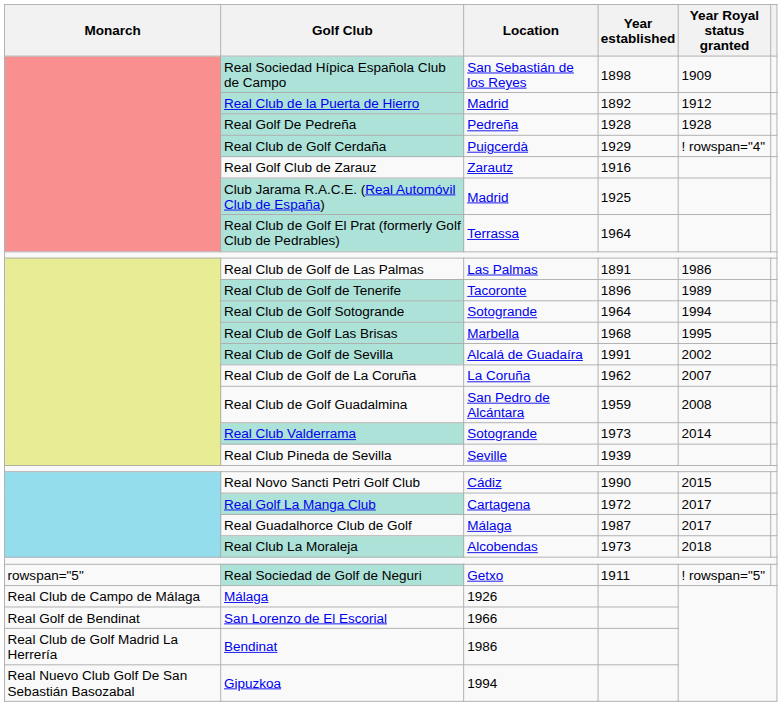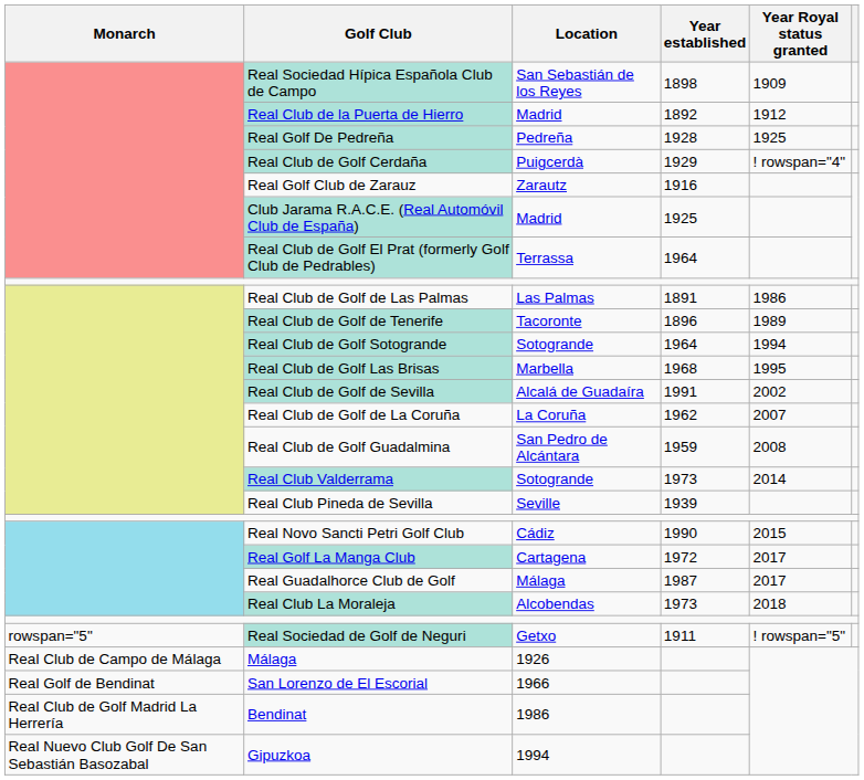 <table class="wikitable" style=" font-size:95%;">
 <tr>
 <th>Monarch</th>
 <th>Golf Club</th>
 <th>Location</th>
 <th>Year<br>established</th>
 <th>Year Royal<br>status granted</th>
 <th></th>
 </tr>
 <tr>
 <td rowspan="7"  bgcolor="#fa8f8f"></td>
 <td style="background:#ade2d9">Real Sociedad Hípica Española Club de Campo</td>
 <td><a href='#'>San Sebastián de los Reyes</a></td>
 <td>1898</td>
 <td>1909</td>
 <td></td>
 </tr>
 <tr>
 <td style="background:#ade2d9"><a href='#'>Real Club de la Puerta de Hierro</a></td>
 <td><a href='#'>Madrid</a></td>
 <td>1892</td>
 <td>1912</td>
 <td></td>
 </tr>
 <tr>
 <td style="background:#ade2d9">Real Golf De Pedreña</td>
 <td><a href='#'>Pedreña</a></td>
 <td>1928</td>
-<td>1928</td>
+<td>1925</td>
 <td></td>
 </tr>
 <tr>
 <td style="background:#ade2d9">Real Club de Golf Cerdaña</td>
 <td><a href='#'>Puigcerdà</a></td>
 <td>1929</td>
 <td>! rowspan="4" </td>
 <td></td>
 </tr>
 <tr>
 <td>Real Golf Club de Zarauz</td>
 <td><a href='#'>Zarautz</a></td>
 <td>1916</td>
 <td></td>
 </tr>
 <tr>
 <td style="background:#ade2d9">Club Jarama R.A.C.E. (<a href='#'>Real Automóvil Club de España</a>)</td>
 <td><a href='#'>Madrid</a></td>
 <td>1925</td>
 <td></td>
 </tr>
 <tr>
 <td style="background:#ade2d9">Real Club de Golf El Prat (formerly Golf Club de Pedrables)</td>
 <td><a href='#'>Terrassa</a></td>
 <td>1964</td>
 <td></td>
 </tr>
 <tr>
 <td colspan=6></td>
 </tr>
 <tr>
 <td rowspan="9"  bgcolor="#e8ec94"></td>
 <td>Real Club de Golf de Las Palmas</td>
 <td><a href='#'>Las Palmas</a></td>
 <td>1891</td>
 <td>1986</td>
 <td></td>
 </tr>
 <tr>
 <td style="background:#ade2d9">Real Club de Golf de Tenerife</td>
 <td><a href='#'>Tacoronte</a></td>
 <td>1896</td>
 <td>1989</td>
 <td></td>
 </tr>
 <tr>
 <td style="background:#ade2d9">Real Club de Golf Sotogrande</td>
 <td><a href='#'>Sotogrande</a></td>
 <td>1964</td>
 <td>1994</td>
 <td></td>
 </tr>
 <tr>
 <td style="background:#ade2d9">Real Club de Golf Las Brisas</td>
 <td><a href='#'>Marbella</a></td>
 <td>1968</td>
 <td>1995</td>
 <td></td>
 </tr>
 <tr>
 <td style="background:#ade2d9">Real Club de Golf de Sevilla</td>
 <td><a href='#'>Alcalá de Guadaíra</a></td>
 <td>1991</td>
 <td>2002</td>
 <td></td>
 </tr>
 <tr>
 <td>Real Club de Golf de La Coruña</td>
 <td><a href='#'>La Coruña</a></td>
 <td>1962</td>
 <td>2007</td>
 <td></td>
 </tr>
 <tr>
 <td>Real Club de Golf Guadalmina</td>
 <td><a href='#'>San Pedro de Alcántara</a></td>
 <td>1959</td>
 <td>2008</td>
 <td></td>
 </tr>
 <tr>
 <td style="background:#ade2d9"><a href='#'>Real Club Valderrama</a></td>
 <td><a href='#'>Sotogrande</a></td>
 <td>1973</td>
 <td>2014</td>
 <td></td>
 </tr>
 <tr>
 <td>Real Club Pineda de Sevilla</td>
 <td><a href='#'>Seville</a></td>
 <td>1939</td>
 <td></td>
 <td></td>
 </tr>
 <tr>
 <td colspan=6></td>
 </tr>
 <tr>
 <td rowspan="4" bgcolor="#94ddec"></td>
 <td>Real Novo Sancti Petri Golf Club</td>
 <td><a href='#'>Cádiz</a></td>
 <td>1990</td>
 <td>2015</td>
 <td></td>
 </tr>
 <tr>
 <td style="background:#ade2d9"><a href='#'>Real Golf La Manga Club</a></td>
 <td><a href='#'>Cartagena</a></td>
 <td>1972</td>
 <td>2017</td>
 <td></td>
 </tr>
 <tr>
 <td>Real Guadalhorce Club de Golf</td>
 <td><a href='#'>Málaga</a></td>
 <td>1987</td>
 <td>2017</td>
 <td></td>
 </tr>
 <tr>
 <td style="background:#ade2d9">Real Club La Moraleja</td>
 <td><a href='#'>Alcobendas</a></td>
 <td>1973</td>
 <td>2018</td>
 <td></td>
 </tr>
 <tr>
 <td colspan=6></td>
 </tr>
 <tr>
 <td>rowspan="5" </td>
 <td style="background:#ade2d9">Real Sociedad de Golf de Neguri</td>
 <td><a href='#'>Getxo</a></td>
 <td>1911</td>
 <td>! rowspan="5" </td>
 <td></td>
 </tr>
 <tr>
 <td>Real Club de Campo de Málaga</td>
 <td><a href='#'>Málaga</a></td>
 <td>1926</td>
 <td></td>
 </tr>
 <tr>
 <td>Real Golf de Bendinat</td>
 <td><a href='#'>San Lorenzo de El Escorial</a></td>
 <td>1966</td>
 <td></td>
 </tr>
 <tr>
 <td>Real Club de Golf Madrid La Herrería</td>
 <td><a href='#'>Bendinat</a></td>
 <td>1986</td>
 <td></td>
 </tr>
 <tr>
 <td>Real Nuevo Club Golf De San Sebastián Basozabal</td>
 <td><a href='#'>Gipuzkoa</a></td>
 <td>1994</td>
 <td></td>
 </tr>
 </table>
